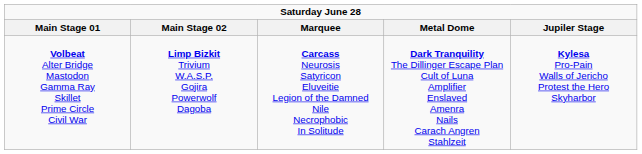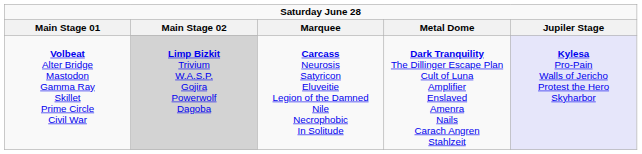 <table class="wikitable">
 <tr>
 <td colspan="5" style="text-align:center;"><strong>Saturday June 28</strong></td>
 </tr>
 <tr>
 <th>Main Stage 01</th>
 <th>Main Stage 02</th>
 <th>Marquee</th>
 <th>Metal Dome</th>
 <th>Jupiler Stage</th>
 </tr>
 <tr>
 <td style="text-align:center; vertical-align:top; width:200px;"><br><strong><a href='#'>Volbeat</a></strong>  <br> <a href='#'>Alter Bridge</a>  <br> <a href='#'>Mastodon</a>  <br> <a href='#'>Gamma Ray</a> <br> <a href='#'>Skillet</a> <br> <a href='#'>Prime Circle</a> <br> <a href='#'>Civil War</a></td>
-<td style="text-align:center; vertical-align:top; width:200px;"><br><strong><a href='#'>Limp Bizkit</a></strong> <br> <a href='#'>Trivium</a> <br> <a href='#'>W.A.S.P.</a> <br> <a href='#'>Gojira</a> <br> <a href='#'>Powerwolf</a> <br> <a href='#'>Dagoba</a></td>
+<td style="background: lightgrey; text-align:center; vertical-align:top; width:200px;"><br><strong><a href='#'>Limp Bizkit</a></strong> <br> <a href='#'>Trivium</a> <br> <a href='#'>W.A.S.P.</a> <br> <a href='#'>Gojira</a> <br> <a href='#'>Powerwolf</a> <br> <a href='#'>Dagoba</a></td>
 <td style="text-align:center; vertical-align:top; width:200px;"><br><strong><a href='#'>Carcass</a></strong> <br> <a href='#'>Neurosis</a> <br> <a href='#'>Satyricon</a>  <br> <a href='#'>Eluveitie</a>  <br> <a href='#'>Legion of the Damned</a> <br> <a href='#'>Nile</a>  <br> <a href='#'>Necrophobic</a> <br> <a href='#'>In Solitude</a></td>
 <td style="text-align:center; vertical-align:top; width:200px;"><br><strong><a href='#'>Dark Tranquility</a></strong> <br> <a href='#'>The Dillinger Escape Plan</a>  <br> <a href='#'>Cult of Luna</a> <br> <a href='#'>Amplifier</a> <br> <a href='#'>Enslaved</a> <br> <a href='#'>Amenra</a>  <br> <a href='#'>Nails</a> <br> <a href='#'>Carach Angren</a>  <br> <a href='#'>Stahlzeit</a></td>
-<td style="text-align:center; vertical-align:top; width:200px;"><br><strong><a href='#'>Kylesa</a></strong> <br> <a href='#'>Pro-Pain</a> <br> <a href='#'>Walls of Jericho</a> <br> <a href='#'>Protest the Hero</a> <br> <a href='#'>Skyharbor</a></td>
+<td style="background: lavender; text-align:center; vertical-align:top; width:200px;"><br><strong><a href='#'>Kylesa</a></strong> <br> <a href='#'>Pro-Pain</a> <br> <a href='#'>Walls of Jericho</a> <br> <a href='#'>Protest the Hero</a> <br> <a href='#'>Skyharbor</a></td>
 </tr>
 </table>
